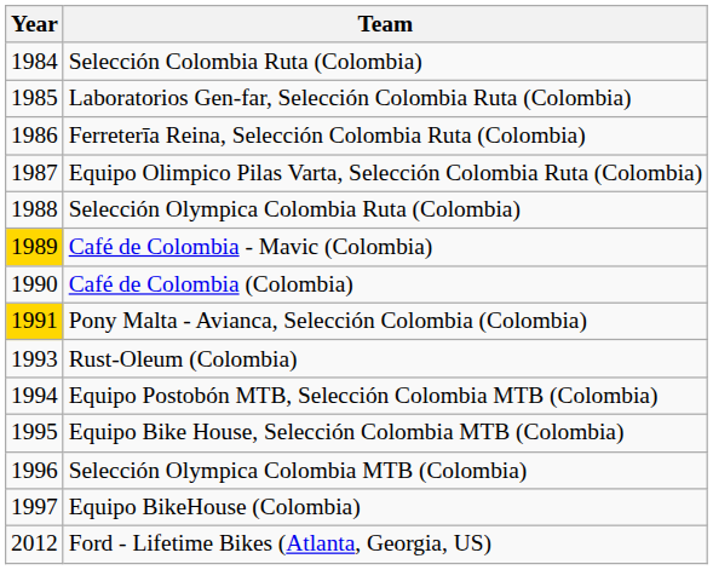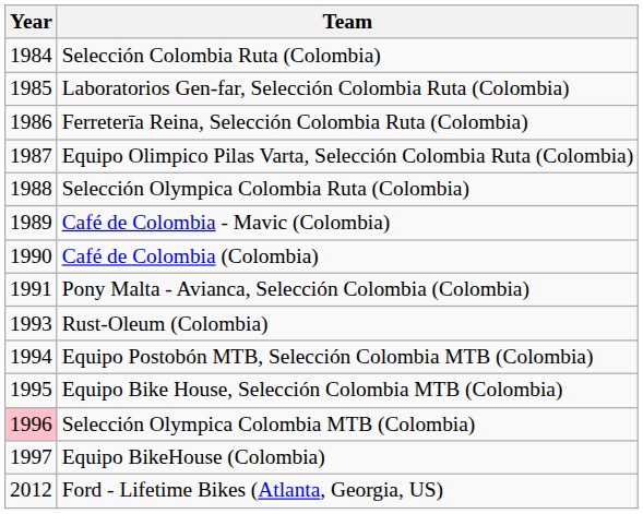 <table class="wikitable">
 <tr>
 <th>Year</th>
 <th>Team</th>
 </tr>
 <tr>
 <td>1984</td>
 <td>Selección Colombia Ruta (Colombia)</td>
 </tr>
 <tr>
 <td>1985</td>
 <td>Laboratorios Gen-far, Selección Colombia Ruta (Colombia)</td>
 </tr>
 <tr>
 <td>1986</td>
 <td>Ferreterīa Reina, Selección Colombia Ruta (Colombia)</td>
 </tr>
 <tr>
 <td>1987</td>
 <td>Equipo Olimpico Pilas Varta, Selección Colombia Ruta (Colombia)</td>
 </tr>
 <tr>
 <td>1988</td>
 <td>Selección Olympica Colombia Ruta (Colombia)</td>
 </tr>
 <tr>
-<td style="background: gold;">1989</td>
+<td>1989</td>
 <td><a href='#'>Café de Colombia</a> - Mavic (Colombia)</td>
 </tr>
 <tr>
 <td>1990</td>
 <td><a href='#'>Café de Colombia</a> (Colombia)</td>
 </tr>
 <tr>
-<td style="background: gold;">1991</td>
+<td>1991</td>
 <td>Pony Malta - Avianca, Selección Colombia (Colombia)</td>
 </tr>
 <tr>
 <td>1993</td>
 <td>Rust-Oleum (Colombia)</td>
 </tr>
 <tr>
 <td>1994</td>
 <td>Equipo Postobón MTB, Selección Colombia MTB (Colombia)</td>
 </tr>
 <tr>
 <td>1995</td>
 <td>Equipo Bike House, Selección Colombia MTB (Colombia)</td>
 </tr>
 <tr>
-<td>1996</td>
+<td style="background: pink;">1996</td>
 <td>Selección Olympica Colombia MTB (Colombia)</td>
 </tr>
 <tr>
 <td>1997</td>
 <td>Equipo BikeHouse (Colombia)</td>
 </tr>
 <tr>
 <td>2012</td>
 <td>Ford -  Lifetime Bikes (<a href='#'>Atlanta</a>, Georgia, US)</td>
 </tr>
 </table>
